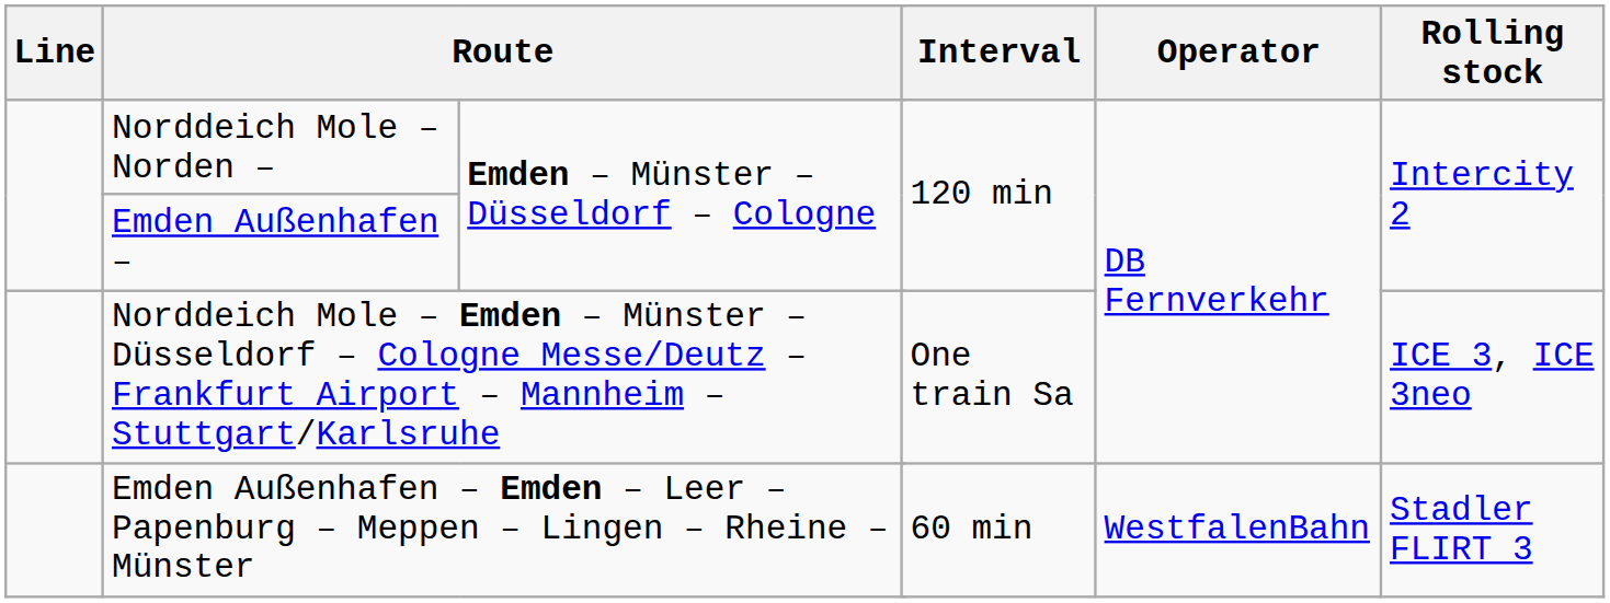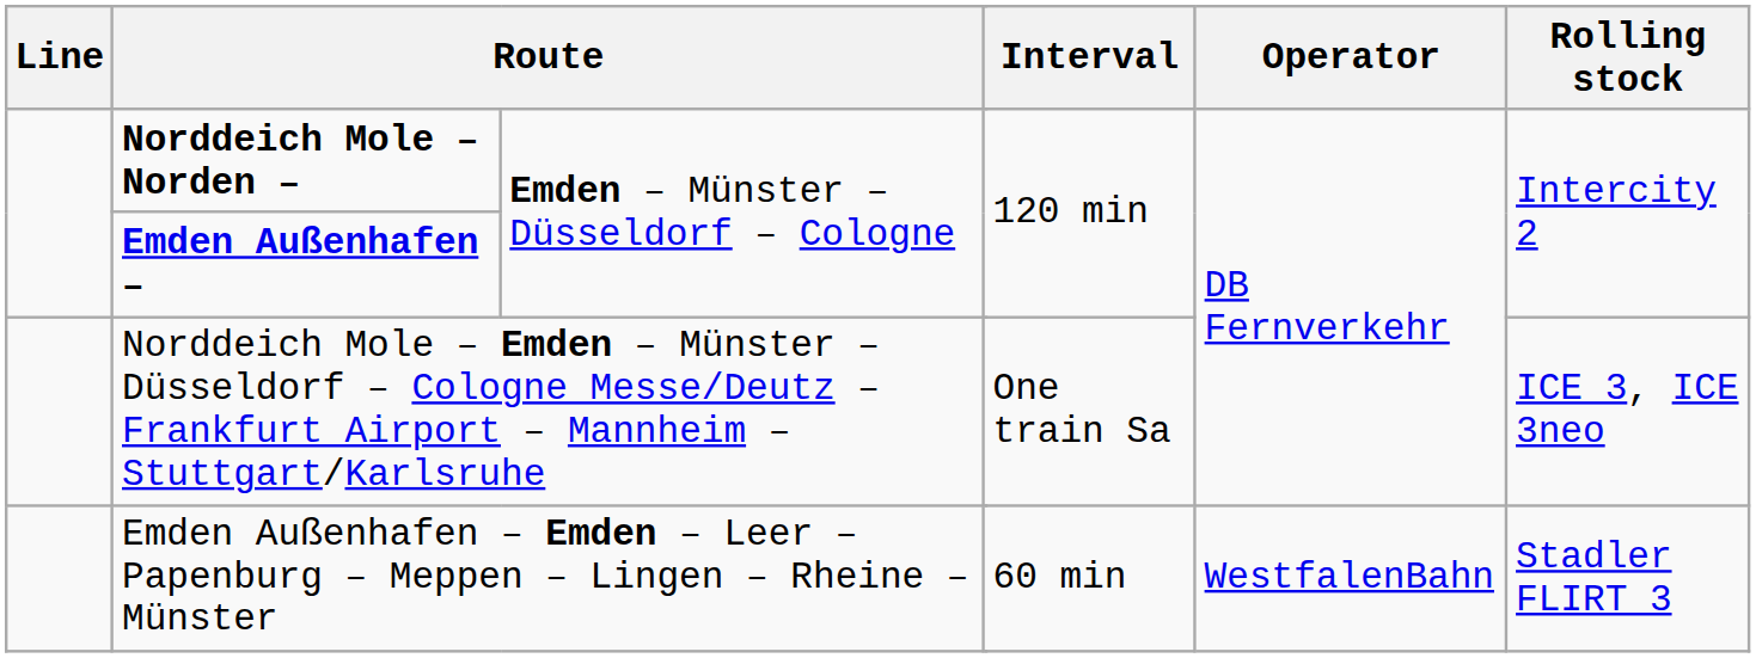 <table class="wikitable">
 <tr>
 <th>Line</th>
 <th colspan="3">Route</th>
 <th>Interval</th>
 <th>Operator</th>
 <th>Rolling stock</th>
 </tr>
 <tr>
 <td rowspan="2"></td>
-<td>Norddeich Mole – Norden –</td>
+<td><strong>Norddeich Mole – Norden –</strong></td>
 <td colspan="2" rowspan="2"><strong>Emden</strong> – Münster – <a href='#'>Düsseldorf</a> – <a href='#'>Cologne</a></td>
 <td rowspan="2">120 min</td>
 <td rowspan="3"><a href='#'>DB Fernverkehr</a></td>
 <td rowspan="2"><a href='#'>Intercity 2</a></td>
 </tr>
 <tr>
-<td><a href='#'>Emden Außenhafen</a> –</td>
+<td><strong><a href='#'>Emden Außenhafen</a> –</strong></td>
 </tr>
 <tr>
 <td></td>
 <td colspan="3">Norddeich Mole – <strong>Emden</strong> – Münster – Düsseldorf – <a href='#'>Cologne Messe/Deutz</a> – <a href='#'>Frankfurt Airport</a> – <a href='#'>Mannheim</a> – <a href='#'>Stuttgart</a>/<a href='#'>Karlsruhe</a></td>
 <td>One train Sa</td>
 <td><a href='#'>ICE 3</a>, <a href='#'>ICE 3neo</a></td>
 </tr>
 <tr>
 <td></td>
 <td colspan="3">Emden Außenhafen – <strong>Emden</strong> – Leer – Papenburg – Meppen – Lingen – Rheine – Münster</td>
 <td>60 min</td>
 <td><a href='#'>WestfalenBahn</a></td>
 <td><a href='#'>Stadler FLIRT 3</a></td>
 </tr>
 </table>
